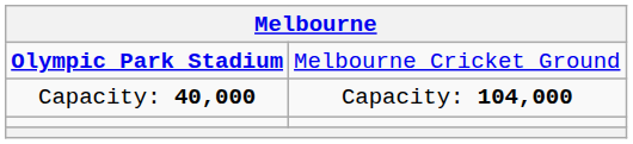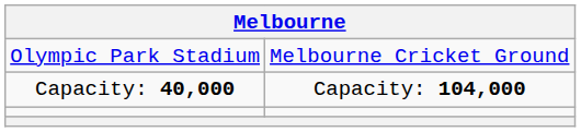 <table class="wikitable" style="text-align:center">
 <tr>
 <th colspan=2><a href='#'>Melbourne</a></th>
 </tr>
 <tr>
-<td><strong><a href='#'>Olympic Park Stadium</a></strong></td>
+<td><a href='#'>Olympic Park Stadium</a></td>
 <td><a href='#'>Melbourne Cricket Ground</a></td>
 </tr>
 <tr>
 <td>Capacity: <strong>40,000</strong></td>
 <td>Capacity: <strong>104,000</strong></td>
 </tr>
 <tr>
 <td></td>
 <td></td>
 </tr>
 <tr>
 <th rowspan=1 colspan=5></th>
 </tr>
 </table>
